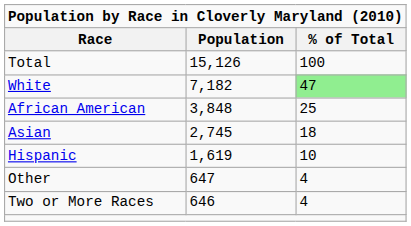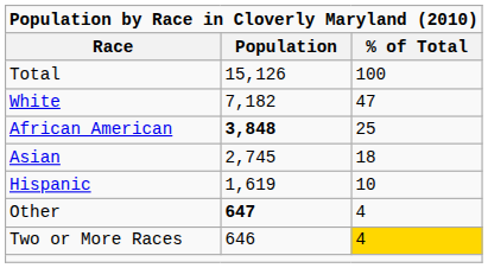 <table class="wikitable sortable">
 <tr>
 <td colspan="3" style="text-align:center;"><strong>Population by Race in Cloverly Maryland (2010)</strong></td>
 </tr>
 <tr>
 <th>Race</th>
 <th>Population</th>
 <th>% of Total</th>
 </tr>
 <tr>
 <td>Total</td>
 <td>15,126</td>
 <td>100</td>
 </tr>
 <tr>
 <td><a href='#'>White</a></td>
 <td>7,182</td>
-<td style="background: lightgreen;">47</td>
+<td>47</td>
 </tr>
 <tr>
 <td><a href='#'>African American</a></td>
-<td>3,848</td>
+<td><strong>3,848</strong></td>
 <td>25</td>
 </tr>
 <tr>
 <td><a href='#'>Asian</a></td>
 <td>2,745</td>
 <td>18</td>
 </tr>
 <tr>
 <td><a href='#'>Hispanic</a></td>
 <td>1,619</td>
 <td>10</td>
 </tr>
 <tr>
 <td>Other</td>
-<td>647</td>
+<td><strong>647</strong></td>
 <td>4</td>
 </tr>
 <tr>
 <td>Two or More Races</td>
 <td>646</td>
-<td>4</td>
+<td style="background: gold;">4</td>
 </tr>
 <tr>
 <td colspan="3"></td>
 </tr>
 </table>
